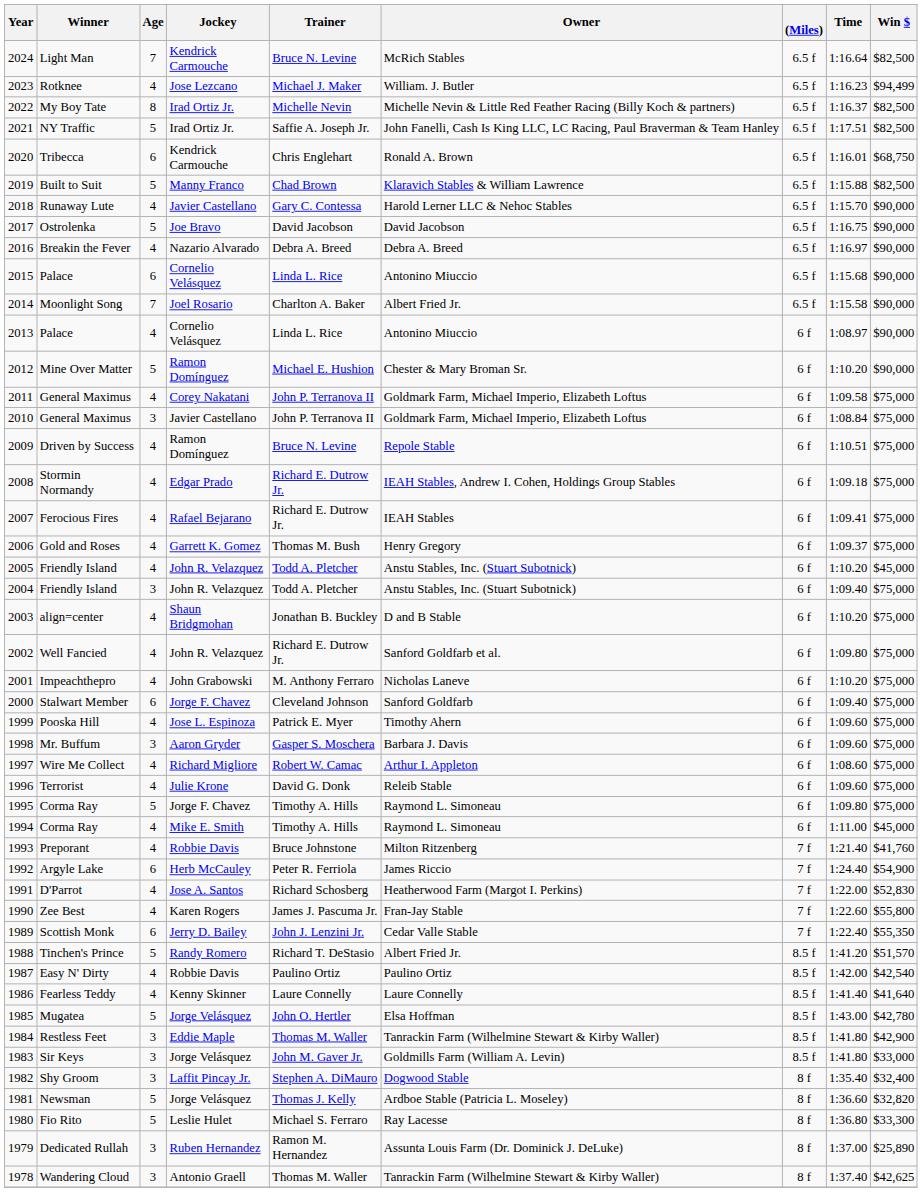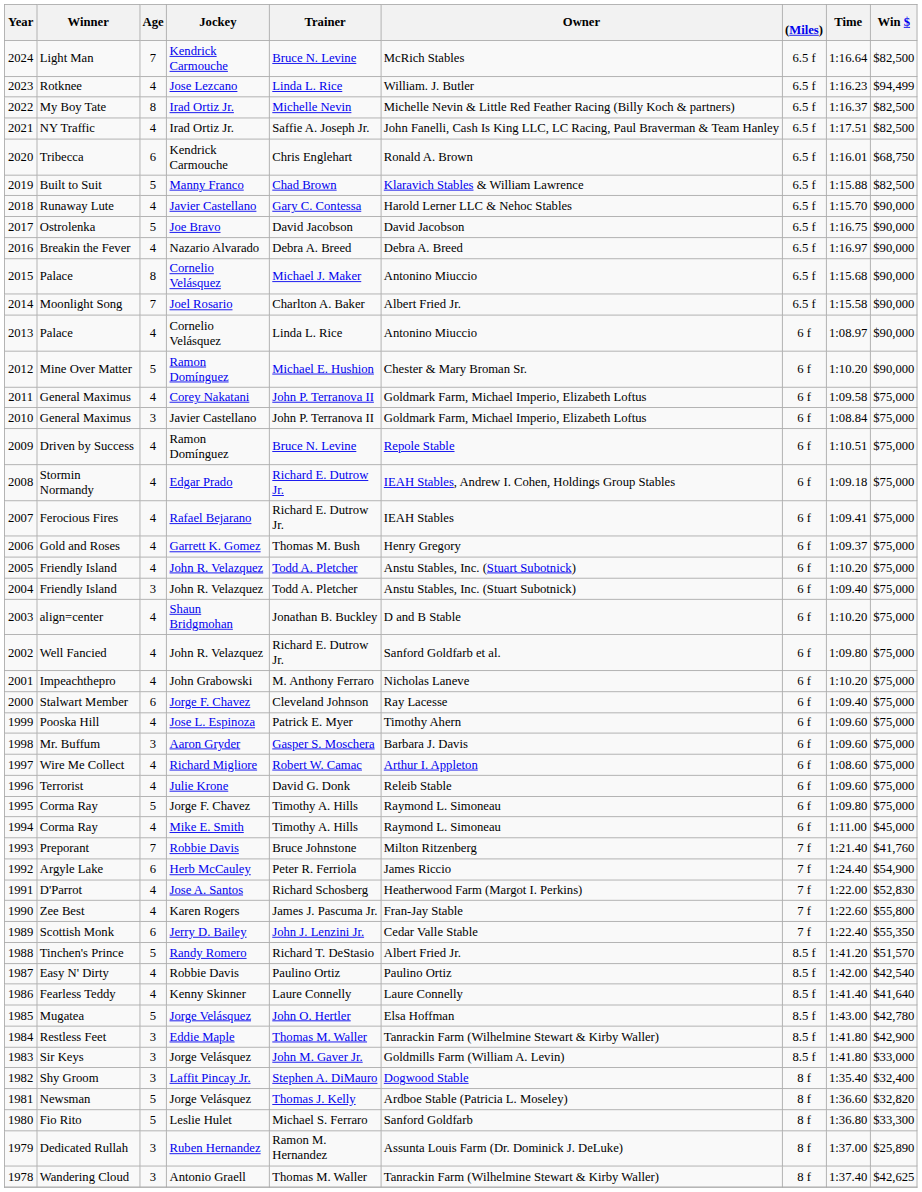 <table class="wikitable sortable" style="font-size:90%">
 <tr>
 <th style="width:30px">Year</th>
 <th style="width:110px">Winner</th>
 <th style="width:20px">Age</th>
 <th style="width:110px">Jockey</th>
 <th style="width:120px">Trainer</th>
 <th>Owner<br></th>
 <th style="width:25px"><br> <span>(<a href='#'>Miles</a>)</span></th>
 <th style="width:25px">Time</th>
 <th style="width:35px">Win <a href='#'>$</a></th>
 </tr>
 <tr>
 <td align=center>2024</td>
 <td>Light Man</td>
 <td align=center>7</td>
 <td><a href='#'>Kendrick Carmouche</a></td>
 <td><a href='#'>Bruce N. Levine</a></td>
 <td>McRich Stables</td>
 <td align=center>6.5 f</td>
 <td>1:16.64</td>
 <td>$82,500</td>
 </tr>
 <tr>
 <td align=center>2023</td>
 <td>Rotknee</td>
 <td align=center>4</td>
 <td><a href='#'>Jose Lezcano</a></td>
-<td><a href='#'>Michael J. Maker</a></td>
+<td><a href='#'>Linda L. Rice</a></td>
 <td>William. J. Butler</td>
 <td align=center>6.5 f</td>
 <td>1:16.23</td>
 <td>$94,499</td>
 </tr>
 <tr>
 <td align=center>2022</td>
 <td>My Boy Tate</td>
 <td align=center>8</td>
 <td><a href='#'>Irad Ortiz Jr.</a></td>
 <td><a href='#'>Michelle Nevin</a></td>
 <td>Michelle Nevin & Little Red Feather Racing (Billy Koch & partners)</td>
 <td align=center>6.5 f</td>
 <td>1:16.37</td>
 <td>$82,500</td>
 </tr>
 <tr>
 <td align=center>2021</td>
 <td>NY Traffic</td>
-<td align=center>5</td>
+<td align=center>4</td>
 <td>Irad Ortiz Jr.</td>
 <td>Saffie A. Joseph Jr.</td>
 <td>John Fanelli, Cash Is King LLC, LC Racing, Paul Braverman & Team Hanley</td>
 <td align=center>6.5 f</td>
 <td>1:17.51</td>
 <td>$82,500</td>
 </tr>
 <tr>
 <td align=center>2020</td>
 <td>Tribecca</td>
 <td align=center>6</td>
 <td>Kendrick Carmouche</td>
 <td>Chris Englehart</td>
 <td>Ronald A. Brown</td>
 <td align=center>6.5 f</td>
 <td>1:16.01</td>
 <td>$68,750</td>
 </tr>
 <tr>
 <td align=center>2019</td>
 <td>Built to Suit</td>
 <td align=center>5</td>
 <td><a href='#'>Manny Franco</a></td>
 <td><a href='#'>Chad Brown</a></td>
 <td><a href='#'>Klaravich Stables</a> & William Lawrence</td>
 <td align=center>6.5 f</td>
 <td>1:15.88</td>
 <td>$82,500</td>
 </tr>
 <tr>
 <td align=center>2018</td>
 <td>Runaway Lute</td>
 <td align=center>4</td>
 <td><a href='#'>Javier Castellano</a></td>
 <td><a href='#'>Gary C. Contessa</a></td>
 <td>Harold Lerner LLC & Nehoc Stables</td>
 <td align=center>6.5 f</td>
 <td>1:15.70</td>
 <td>$90,000</td>
 </tr>
 <tr>
 <td align=center>2017</td>
 <td>Ostrolenka</td>
 <td align=center>5</td>
 <td><a href='#'>Joe Bravo</a></td>
 <td>David Jacobson</td>
 <td>David Jacobson</td>
 <td align=center>6.5 f</td>
 <td>1:16.75</td>
 <td>$90,000</td>
 </tr>
 <tr>
 <td align=center>2016</td>
 <td>Breakin the Fever</td>
 <td align=center>4</td>
 <td>Nazario Alvarado</td>
 <td>Debra A. Breed</td>
 <td>Debra A. Breed</td>
 <td align=center>6.5 f</td>
 <td>1:16.97</td>
 <td>$90,000</td>
 </tr>
 <tr>
 <td align=center>2015</td>
 <td>Palace</td>
-<td align=center>6</td>
+<td align=center>8</td>
 <td><a href='#'>Cornelio Velásquez</a></td>
-<td><a href='#'>Linda L. Rice</a></td>
+<td><a href='#'>Michael J. Maker</a></td>
 <td>Antonino Miuccio</td>
 <td align=center>6.5 f</td>
 <td>1:15.68</td>
 <td>$90,000</td>
 </tr>
 <tr>
 <td align=center>2014</td>
 <td>Moonlight Song</td>
 <td align=center>7</td>
 <td><a href='#'>Joel Rosario</a></td>
 <td>Charlton A. Baker</td>
 <td>Albert Fried Jr.</td>
 <td align=center>6.5 f</td>
 <td>1:15.58</td>
 <td>$90,000</td>
 </tr>
 <tr>
 <td align=center>2013</td>
 <td>Palace</td>
 <td align=center>4</td>
 <td>Cornelio Velásquez</td>
 <td>Linda L. Rice</td>
 <td>Antonino Miuccio</td>
 <td align=center>6 f</td>
 <td>1:08.97</td>
 <td>$90,000</td>
 </tr>
 <tr>
 <td align=center>2012</td>
 <td>Mine Over Matter</td>
 <td align=center>5</td>
 <td><a href='#'>Ramon Domínguez</a></td>
 <td><a href='#'>Michael E. Hushion</a></td>
 <td>Chester & Mary Broman Sr.</td>
 <td align=center>6 f</td>
 <td>1:10.20</td>
 <td>$90,000</td>
 </tr>
 <tr>
 <td align=center>2011</td>
 <td>General Maximus</td>
 <td align=center>4</td>
 <td><a href='#'>Corey Nakatani</a></td>
 <td><a href='#'>John P. Terranova II</a></td>
 <td>Goldmark Farm, Michael Imperio, Elizabeth Loftus</td>
 <td align=center>6 f</td>
 <td>1:09.58</td>
 <td>$75,000</td>
 </tr>
 <tr>
 <td align=center>2010</td>
 <td>General Maximus</td>
 <td align=center>3</td>
 <td>Javier Castellano</td>
 <td>John P. Terranova II</td>
 <td>Goldmark Farm, Michael Imperio, Elizabeth Loftus</td>
 <td align=center>6 f</td>
 <td>1:08.84</td>
 <td>$75,000</td>
 </tr>
 <tr>
 <td align=center>2009</td>
 <td>Driven by Success</td>
 <td align=center>4</td>
 <td>Ramon Domínguez</td>
 <td><a href='#'>Bruce N. Levine</a></td>
 <td><a href='#'>Repole Stable</a></td>
 <td align=center>6 f</td>
 <td>1:10.51</td>
 <td>$75,000</td>
 </tr>
 <tr>
 <td align=center>2008</td>
 <td>Stormin Normandy</td>
 <td align=center>4</td>
 <td><a href='#'>Edgar Prado</a></td>
 <td><a href='#'>Richard E. Dutrow Jr.</a></td>
 <td><a href='#'>IEAH Stables</a>, Andrew I. Cohen, Holdings Group Stables</td>
 <td align=center>6 f</td>
 <td>1:09.18</td>
 <td>$75,000</td>
 </tr>
 <tr>
 <td align=center>2007</td>
 <td>Ferocious Fires</td>
 <td align=center>4</td>
 <td><a href='#'>Rafael Bejarano</a></td>
 <td>Richard E. Dutrow Jr.</td>
 <td>IEAH Stables</td>
 <td align=center>6 f</td>
 <td>1:09.41</td>
 <td>$75,000</td>
 </tr>
 <tr>
 <td align=center>2006</td>
 <td>Gold and Roses</td>
 <td align=center>4</td>
 <td><a href='#'>Garrett K. Gomez</a></td>
 <td>Thomas M. Bush</td>
 <td>Henry Gregory</td>
 <td align=center>6 f</td>
 <td>1:09.37</td>
 <td>$75,000</td>
 </tr>
 <tr>
 <td align=center>2005</td>
 <td>Friendly Island</td>
 <td align=center>4</td>
 <td><a href='#'>John R. Velazquez</a></td>
 <td><a href='#'>Todd A. Pletcher</a></td>
 <td>Anstu Stables, Inc. (<a href='#'>Stuart Subotnick</a>)</td>
 <td align=center>6 f</td>
 <td>1:10.20</td>
-<td>$45,000</td>
+<td>$75,000</td>
 </tr>
 <tr>
 <td align=center>2004</td>
 <td>Friendly Island</td>
 <td align=center>3</td>
 <td>John R. Velazquez</td>
 <td>Todd A. Pletcher</td>
 <td>Anstu Stables, Inc. (Stuart Subotnick)</td>
 <td align=center>6 f</td>
 <td>1:09.40</td>
 <td>$75,000</td>
 </tr>
 <tr>
 <td align=center>2003</td>
 <td One N Three>align=center</td>
 <td align=center>4</td>
 <td><a href='#'>Shaun Bridgmohan</a></td>
 <td>Jonathan B. Buckley</td>
 <td>D and B Stable</td>
 <td align=center>6 f</td>
 <td>1:10.20</td>
 <td>$75,000</td>
 </tr>
 <tr>
 <td align=center>2002</td>
 <td>Well Fancied</td>
 <td align=center>4</td>
 <td>John R. Velazquez</td>
 <td>Richard E. Dutrow Jr.</td>
 <td>Sanford Goldfarb et al.</td>
 <td align=center>6 f</td>
 <td>1:09.80</td>
 <td>$75,000</td>
 </tr>
 <tr>
 <td align=center>2001</td>
 <td>Impeachthepro</td>
 <td align=center>4</td>
 <td>John Grabowski</td>
 <td>M. Anthony Ferraro</td>
 <td>Nicholas Laneve</td>
 <td align=center>6 f</td>
 <td>1:10.20</td>
 <td>$75,000</td>
 </tr>
 <tr>
 <td align=center>2000</td>
 <td>Stalwart Member</td>
 <td align=center>6</td>
 <td><a href='#'>Jorge F. Chavez</a></td>
 <td>Cleveland Johnson</td>
-<td>Sanford Goldfarb</td>
+<td>Ray Lacesse</td>
 <td align=center>6 f</td>
 <td>1:09.40</td>
 <td>$75,000</td>
 </tr>
 <tr>
 <td align=center>1999</td>
 <td>Pooska Hill</td>
 <td align=center>4</td>
 <td><a href='#'>Jose L. Espinoza</a></td>
 <td>Patrick E. Myer</td>
 <td>Timothy Ahern</td>
 <td align=center>6 f</td>
 <td>1:09.60</td>
 <td>$75,000</td>
 </tr>
 <tr>
 <td align=center>1998</td>
 <td>Mr. Buffum</td>
 <td align=center>3</td>
 <td><a href='#'>Aaron Gryder</a></td>
 <td><a href='#'>Gasper S. Moschera</a></td>
 <td>Barbara J. Davis</td>
 <td align=center>6 f</td>
 <td>1:09.60</td>
 <td>$75,000</td>
 </tr>
 <tr>
 <td align=center>1997</td>
 <td>Wire Me Collect</td>
 <td align=center>4</td>
 <td><a href='#'>Richard Migliore</a></td>
 <td><a href='#'>Robert W. Camac</a></td>
 <td><a href='#'>Arthur I. Appleton</a></td>
 <td align=center>6 f</td>
 <td>1:08.60</td>
 <td>$75,000</td>
 </tr>
 <tr>
 <td align=center>1996</td>
 <td>Terrorist</td>
 <td align=center>4</td>
 <td><a href='#'>Julie Krone</a></td>
 <td>David G. Donk</td>
 <td>Releib Stable</td>
 <td align=center>6 f</td>
 <td>1:09.60</td>
 <td>$75,000</td>
 </tr>
 <tr>
 <td align=center>1995</td>
 <td>Corma Ray</td>
 <td align=center>5</td>
 <td>Jorge F. Chavez</td>
 <td>Timothy A. Hills</td>
 <td>Raymond L. Simoneau</td>
 <td align=center>6 f</td>
 <td>1:09.80</td>
 <td>$75,000</td>
 </tr>
 <tr>
 <td align=center>1994</td>
 <td>Corma Ray</td>
 <td align=center>4</td>
 <td><a href='#'>Mike E. Smith</a></td>
 <td>Timothy A. Hills</td>
 <td>Raymond L. Simoneau</td>
 <td align=center>6 f</td>
 <td>1:11.00</td>
 <td>$45,000</td>
 </tr>
 <tr>
 <td align=center>1993</td>
 <td>Preporant</td>
-<td align=center>4</td>
+<td align=center>7</td>
 <td><a href='#'>Robbie Davis</a></td>
 <td>Bruce Johnstone</td>
 <td>Milton Ritzenberg</td>
 <td align=center>7 f</td>
 <td>1:21.40</td>
 <td>$41,760</td>
 </tr>
 <tr>
 <td align=center>1992</td>
 <td>Argyle Lake</td>
 <td align=center>6</td>
 <td><a href='#'>Herb McCauley</a></td>
 <td>Peter R. Ferriola</td>
 <td>James Riccio</td>
 <td align=center>7 f</td>
 <td>1:24.40</td>
 <td>$54,900</td>
 </tr>
 <tr>
 <td align=center>1991</td>
 <td>D'Parrot</td>
 <td align=center>4</td>
 <td><a href='#'>Jose A. Santos</a></td>
 <td>Richard Schosberg</td>
 <td>Heatherwood Farm (Margot I. Perkins)</td>
 <td align=center>7 f</td>
 <td>1:22.00</td>
 <td>$52,830</td>
 </tr>
 <tr>
 <td align=center>1990</td>
 <td>Zee Best</td>
 <td align=center>4</td>
 <td>Karen Rogers</td>
 <td>James J. Pascuma Jr.</td>
 <td>Fran-Jay Stable</td>
 <td align=center>7 f</td>
 <td>1:22.60</td>
 <td>$55,800</td>
 </tr>
 <tr>
 <td align=center>1989</td>
 <td>Scottish Monk</td>
 <td align=center>6</td>
 <td><a href='#'>Jerry D. Bailey</a></td>
 <td><a href='#'>John J. Lenzini Jr.</a></td>
 <td>Cedar Valle Stable</td>
 <td align=center>7 f</td>
 <td>1:22.40</td>
 <td>$55,350</td>
 </tr>
 <tr>
 <td align=center>1988</td>
 <td>Tinchen's Prince</td>
 <td align=center>5</td>
 <td><a href='#'>Randy Romero</a></td>
 <td>Richard T. DeStasio</td>
 <td>Albert Fried Jr.</td>
 <td align=center>8.5 f</td>
 <td>1:41.20</td>
 <td>$51,570</td>
 </tr>
 <tr>
 <td align=center>1987</td>
 <td>Easy N' Dirty</td>
 <td align=center>4</td>
 <td>Robbie Davis</td>
 <td>Paulino Ortiz</td>
 <td>Paulino Ortiz</td>
 <td align=center>8.5 f</td>
 <td>1:42.00</td>
 <td>$42,540</td>
 </tr>
 <tr>
 <td align=center>1986</td>
 <td>Fearless Teddy</td>
 <td align=center>4</td>
 <td>Kenny Skinner</td>
 <td>Laure Connelly</td>
 <td>Laure Connelly</td>
 <td align=center>8.5 f</td>
 <td>1:41.40</td>
 <td>$41,640</td>
 </tr>
 <tr>
 <td align=center>1985</td>
 <td>Mugatea</td>
 <td align=center>5</td>
 <td><a href='#'>Jorge Velásquez</a></td>
 <td><a href='#'>John O. Hertler</a></td>
 <td>Elsa Hoffman</td>
 <td align=center>8.5 f</td>
 <td>1:43.00</td>
 <td>$42,780</td>
 </tr>
 <tr>
 <td align=center>1984</td>
 <td>Restless Feet</td>
 <td align=center>3</td>
 <td><a href='#'>Eddie Maple</a></td>
 <td><a href='#'>Thomas M. Waller</a></td>
 <td>Tanrackin Farm (Wilhelmine Stewart & Kirby Waller)</td>
 <td align=center>8.5 f</td>
 <td>1:41.80</td>
 <td>$42,900</td>
 </tr>
 <tr>
 <td align=center>1983</td>
 <td>Sir Keys</td>
 <td align=center>3</td>
 <td>Jorge Velásquez</td>
 <td><a href='#'>John M. Gaver Jr.</a></td>
 <td>Goldmills Farm (William A. Levin)</td>
 <td align=center>8.5 f</td>
 <td>1:41.80</td>
 <td>$33,000</td>
 </tr>
 <tr>
 <td align=center>1982</td>
 <td>Shy Groom</td>
 <td align=center>3</td>
 <td><a href='#'>Laffit Pincay Jr.</a></td>
 <td><a href='#'>Stephen A. DiMauro</a></td>
 <td><a href='#'>Dogwood Stable</a></td>
 <td align=center>8 f</td>
 <td>1:35.40</td>
 <td>$32,400</td>
 </tr>
 <tr>
 <td align=center>1981</td>
 <td>Newsman</td>
 <td align=center>5</td>
 <td>Jorge Velásquez</td>
 <td><a href='#'>Thomas J. Kelly</a></td>
 <td>Ardboe Stable (Patricia L. Moseley)</td>
 <td align=center>8 f</td>
 <td>1:36.60</td>
 <td>$32,820</td>
 </tr>
 <tr>
 <td align=center>1980</td>
 <td>Fio Rito</td>
 <td align=center>5</td>
 <td>Leslie Hulet</td>
 <td>Michael S. Ferraro</td>
-<td>Ray Lacesse</td>
+<td>Sanford Goldfarb</td>
 <td align=center>8 f</td>
 <td>1:36.80</td>
 <td>$33,300</td>
 </tr>
 <tr>
 <td align=center>1979</td>
 <td>Dedicated Rullah</td>
 <td align=center>3</td>
 <td><a href='#'>Ruben Hernandez</a></td>
 <td>Ramon M. Hernandez</td>
 <td>Assunta Louis Farm (Dr. Dominick J. DeLuke)</td>
 <td align=center>8 f</td>
 <td>1:37.00</td>
 <td>$25,890</td>
 </tr>
 <tr>
 <td align=center>1978</td>
 <td>Wandering Cloud</td>
 <td align=center>3</td>
 <td>Antonio Graell</td>
 <td>Thomas M. Waller</td>
 <td>Tanrackin Farm  (Wilhelmine Stewart & Kirby Waller)</td>
 <td align=center>8 f</td>
 <td>1:37.40</td>
 <td>$42,625</td>
 </tr>
 <tr>
 </tr>
 </table>
